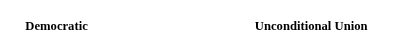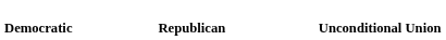 <table style="width:70%; text-align:center">
 <tr style="color:white">
 <td style="background:"><strong>72</strong></td>
 <td style="background:"><strong>2</strong></td>
+<td style="background:"><strong>85</strong></td>
 <td style="background:"><strong>25</strong></td>
 </tr>
 <tr>
 <td><span><strong>Democratic</strong></span></td>
 <td></td>
+<td><span><strong>Republican</strong></span></td>
 <td><span><strong>Unconditional Union</strong></span></td>
 </tr>
 </table>
